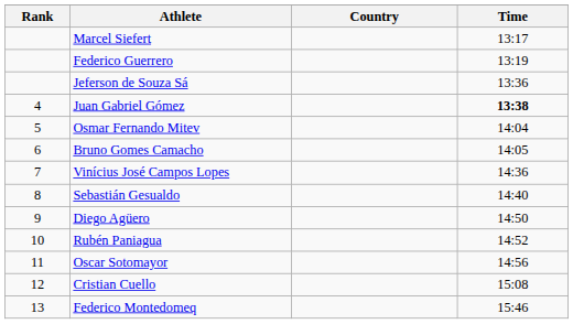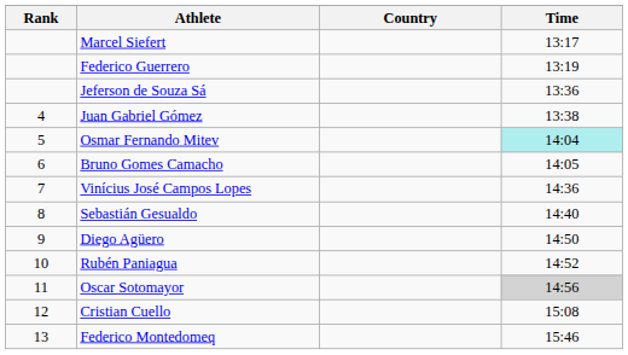 <table class="wikitable sortable" style=" text-align:center; font-size:95%;" width="50%">
 <tr>
 </tr>
 <tr>
 <th width=5%>Rank</th>
 <th width=20%>Athlete</th>
 <th width=15%>Country</th>
 <th width=10%>Time</th>
 </tr>
 <tr>
 <td align=center></td>
 <td align=left><a href='#'>Marcel Siefert</a></td>
 <td align=left></td>
 <td>13:17</td>
 </tr>
 <tr>
 <td align=center></td>
 <td align=left><a href='#'>Federico Guerrero</a></td>
 <td align=left></td>
 <td>13:19</td>
 </tr>
 <tr>
 <td align=center></td>
 <td align=left><a href='#'>Jeferson de Souza Sá</a></td>
 <td align=left></td>
 <td>13:36</td>
 </tr>
 <tr>
 <td align=center>4</td>
 <td align=left><a href='#'>Juan Gabriel Gómez</a></td>
 <td align=left></td>
-<td><strong>13:38</strong></td>
+<td>13:38</td>
 </tr>
 <tr>
 <td align=center>5</td>
 <td align=left><a href='#'>Osmar Fernando Mitev</a></td>
 <td align=left></td>
-<td>14:04</td>
+<td style="background: paleturquoise;">14:04</td>
 </tr>
 <tr>
 <td align=center>6</td>
 <td align=left><a href='#'>Bruno Gomes Camacho</a></td>
 <td align=left></td>
 <td>14:05</td>
 </tr>
 <tr>
 <td align=center>7</td>
 <td align=left><a href='#'>Vinícius José Campos Lopes</a></td>
 <td align=left></td>
 <td>14:36</td>
 </tr>
 <tr>
 <td align=center>8</td>
 <td align=left><a href='#'>Sebastián Gesualdo</a></td>
 <td align=left></td>
 <td>14:40</td>
 </tr>
 <tr>
 <td align=center>9</td>
 <td align=left><a href='#'>Diego Agüero</a></td>
 <td align=left></td>
 <td>14:50</td>
 </tr>
 <tr>
 <td align=center>10</td>
 <td align=left><a href='#'>Rubén Paniagua</a></td>
 <td align=left></td>
 <td>14:52</td>
 </tr>
 <tr>
 <td align=center>11</td>
 <td align=left><a href='#'>Oscar Sotomayor</a></td>
 <td align=left></td>
-<td>14:56</td>
+<td style="background: lightgrey;">14:56</td>
 </tr>
 <tr>
 <td align=center>12</td>
 <td align=left><a href='#'>Cristian Cuello</a></td>
 <td align=left></td>
 <td>15:08</td>
 </tr>
 <tr>
 <td align=center>13</td>
 <td align=left><a href='#'>Federico Montedomeq</a></td>
 <td align=left></td>
 <td>15:46</td>
 </tr>
 </table>
